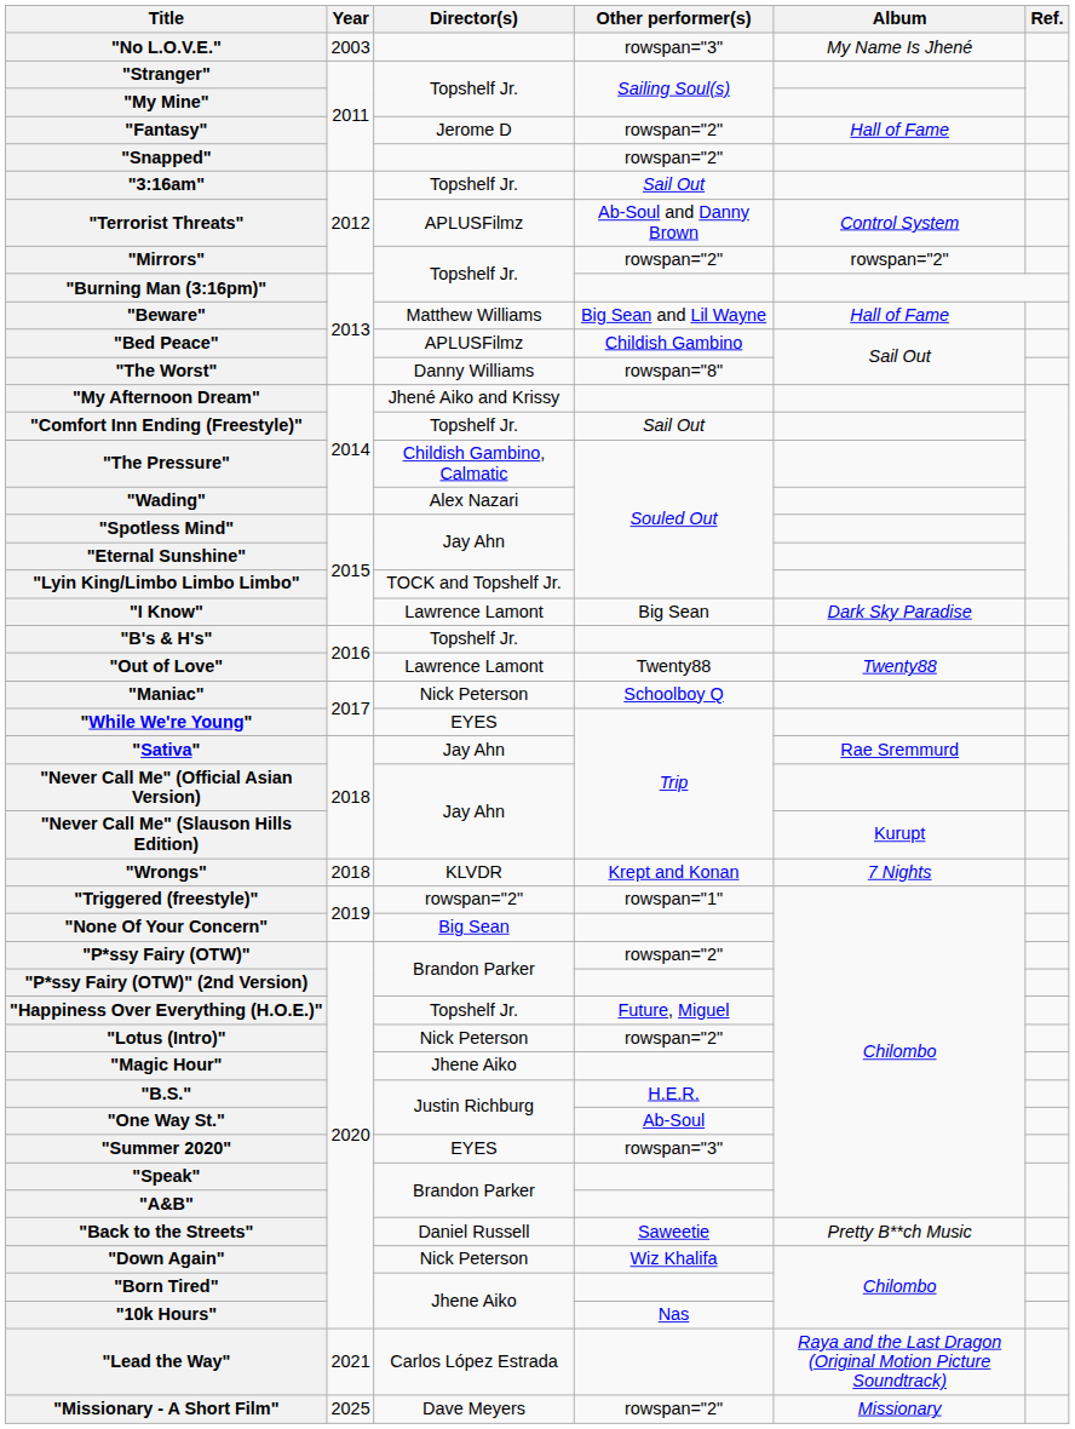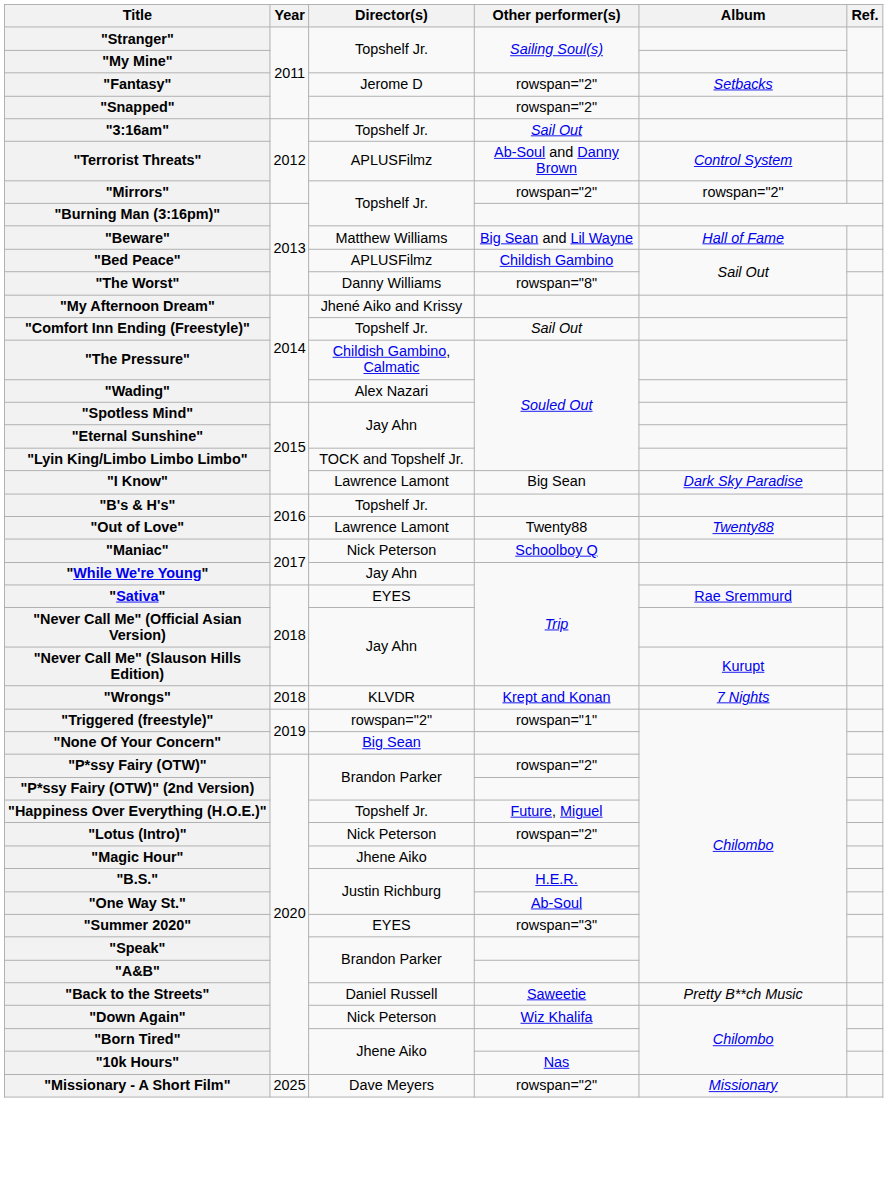 <table class="wikitable sortable plainrowheaders" style="text-align: center;">
 <tr>
 <th scope="col" style="width: 18em;">Title</th>
 <th scope="col" style="width: 2em;">Year</th>
 <th scope="col" style="width: 11em;">Director(s)</th>
 <th scope="col" style="width: 11em;">Other performer(s)</th>
 <th scope="col" style="width: 14em;">Album</th>
 <th scope="col" style="width: 2em;" class="unsortable">Ref.</th>
-</tr>
-<tr>
-<th scope="row">"No L.O.V.E."</th>
-<td>2003</td>
-<td></td>
-<td>rowspan="3" </td>
-<td><em>My Name Is Jhené</em></td>
-<td></td>
 </tr>
 <tr>
 <th scope="row">"Stranger"</th>
 <td rowspan="4">2011</td>
 <td rowspan="2">Topshelf Jr.</td>
 <td rowspan="2"><em><a href='#'>Sailing Soul(s)</a></em></td>
 <td></td>
 </tr>
 <tr>
 <th scope="row">"My Mine"</th>
 <td></td>
 </tr>
 <tr>
 <th scope="row">"Fantasy"</th>
 <td>Jerome D</td>
 <td>rowspan="2" </td>
-<td><em><a href='#'>Hall of Fame</a></em></td>
+<td><em><a href='#'>Setbacks</a></em></td>
 <td></td>
 </tr>
 <tr>
 <th scope="row">"Snapped"</th>
 <td></td>
 <td>rowspan="2" </td>
 <td></td>
 <td></td>
 </tr>
 <tr>
 <th scope="row">"3:16am"</th>
 <td rowspan="3">2012</td>
 <td>Topshelf Jr.</td>
 <td><em><a href='#'>Sail Out</a></em></td>
 <td></td>
 </tr>
 <tr>
 <th scope="row">"Terrorist Threats"</th>
 <td>APLUSFilmz</td>
 <td><a href='#'>Ab-Soul</a> and <a href='#'>Danny Brown</a></td>
 <td><em><a href='#'>Control System</a></em></td>
 <td></td>
 </tr>
 <tr>
 <th scope="row">"Mirrors"</th>
 <td rowspan="2">Topshelf Jr.</td>
 <td>rowspan="2" </td>
 <td>rowspan="2" </td>
 <td></td>
 </tr>
 <tr>
 <th scope="row">"Burning Man (3:16pm)"</th>
 <td rowspan="4">2013</td>
 <td></td>
 </tr>
 <tr>
 <th scope="row">"Beware"</th>
 <td>Matthew Williams</td>
 <td><a href='#'>Big Sean</a> and <a href='#'>Lil Wayne</a></td>
 <td><em><a href='#'>Hall of Fame</a></em></td>
 <td></td>
 </tr>
 <tr>
 <th scope="row">"Bed Peace"</th>
 <td>APLUSFilmz</td>
 <td><a href='#'>Childish Gambino</a></td>
 <td rowspan="2"><em>Sail Out</em></td>
 <td></td>
 </tr>
 <tr>
 <th scope="row">"The Worst"</th>
 <td>Danny Williams</td>
 <td>rowspan="8" </td>
 <td></td>
 </tr>
 <tr>
 <th scope="row">"My Afternoon Dream"</th>
 <td rowspan="4">2014</td>
 <td>Jhené Aiko and Krissy</td>
 <td></td>
 <td></td>
 </tr>
 <tr>
 <th scope="row">"Comfort Inn Ending (Freestyle)"</th>
 <td>Topshelf Jr.</td>
 <td><em>Sail Out</em></td>
 <td></td>
 </tr>
 <tr>
 <th scope="row">"The Pressure"</th>
 <td><a href='#'>Childish Gambino</a>, <a href='#'>Calmatic</a></td>
 <td rowspan="5"><em><a href='#'>Souled Out</a></em></td>
 <td></td>
 </tr>
 <tr>
 <th scope="row">"Wading"</th>
 <td>Alex Nazari</td>
 <td></td>
 </tr>
 <tr>
 <th scope="row">"Spotless Mind"</th>
 <td rowspan="4">2015</td>
 <td rowspan="2">Jay Ahn</td>
 <td></td>
 </tr>
 <tr>
 <th scope="row">"Eternal Sunshine"</th>
 <td></td>
 </tr>
 <tr>
 <th scope="row">"Lyin King/Limbo Limbo Limbo"</th>
 <td>TOCK and Topshelf Jr.</td>
 <td></td>
 </tr>
 <tr>
 <th scope="row">"I Know"</th>
 <td>Lawrence Lamont</td>
 <td>Big Sean</td>
 <td><em><a href='#'>Dark Sky Paradise</a></em></td>
 <td></td>
 </tr>
 <tr>
 <th scope="row">"B's & H's"</th>
 <td rowspan="2">2016</td>
 <td>Topshelf Jr.</td>
 <td></td>
 <td></td>
 <td></td>
 </tr>
 <tr>
 <th scope="row">"Out of Love"</th>
 <td>Lawrence Lamont</td>
 <td>Twenty88</td>
 <td><em><a href='#'>Twenty88</a></em></td>
 <td></td>
 </tr>
 <tr>
 <th scope="row">"Maniac"</th>
 <td rowspan="2">2017</td>
 <td>Nick Peterson</td>
 <td><a href='#'>Schoolboy Q</a></td>
 <td></td>
 <td></td>
 </tr>
 <tr>
 <th scope="row">"<a href='#'>While We're Young</a>"</th>
-<td>EYES</td>
+<td>Jay Ahn</td>
 <td rowspan="4"><em><a href='#'>Trip</a></em></td>
 <td></td>
 </tr>
 <tr>
 <th scope="row">"<a href='#'>Sativa</a>"</th>
 <td rowspan="3">2018</td>
-<td>Jay Ahn</td>
+<td>EYES</td>
 <td><a href='#'>Rae Sremmurd</a></td>
 <td></td>
 </tr>
 <tr>
 <th scope="row">"Never Call Me" (Official Asian Version)</th>
 <td rowspan="2">Jay Ahn</td>
 <td></td>
 <td></td>
 </tr>
 <tr>
 <th scope="row">"Never Call Me" (Slauson Hills Edition)</th>
 <td><a href='#'>Kurupt</a></td>
 <td></td>
 </tr>
 <tr>
 <th scope="row">"Wrongs"</th>
 <td rowspan="1">2018</td>
 <td rowspan="1">KLVDR</td>
 <td rowspan="1"><a href='#'>Krept and Konan</a></td>
 <td rowspan="1"><em><a href='#'>7 Nights</a></em></td>
 <td></td>
 </tr>
 <tr>
 <th scope="row">"Triggered (freestyle)"</th>
 <td rowspan="2">2019</td>
 <td>rowspan="2" </td>
 <td>rowspan="1" </td>
 <td rowspan="12"><em><a href='#'>Chilombo</a></em></td>
 <td></td>
 </tr>
 <tr>
 <th scope="row">"None Of Your Concern"</th>
 <td><a href='#'>Big Sean</a></td>
 <td></td>
 </tr>
 <tr>
 <th scope="row">"P*ssy Fairy (OTW)"</th>
 <td rowspan="14">2020</td>
 <td rowspan="2">Brandon Parker</td>
 <td>rowspan="2" </td>
 <td></td>
 </tr>
 <tr>
 <th scope="row">"P*ssy Fairy (OTW)" (2nd Version)</th>
 <td></td>
 </tr>
 <tr>
 <th scope="row">"Happiness Over Everything (H.O.E.)"</th>
 <td>Topshelf Jr.</td>
 <td><a href='#'>Future</a>, <a href='#'>Miguel</a></td>
 <td></td>
 </tr>
 <tr>
 <th scope="row">"Lotus (Intro)"</th>
 <td>Nick Peterson</td>
 <td>rowspan="2" </td>
 <td></td>
 </tr>
 <tr>
 <th scope="row">"Magic Hour"</th>
 <td>Jhene Aiko</td>
 <td></td>
 </tr>
 <tr>
 <th scope="row">"B.S."</th>
 <td rowspan="2">Justin Richburg</td>
 <td><a href='#'>H.E.R.</a></td>
 <td></td>
 </tr>
 <tr>
 <th scope="row">"One Way St."</th>
 <td><a href='#'>Ab-Soul</a></td>
 <td></td>
 </tr>
 <tr>
 <th scope="row">"Summer 2020"</th>
 <td>EYES</td>
 <td>rowspan="3" </td>
 <td></td>
 </tr>
 <tr>
 <th scope="row">"Speak"</th>
 <td rowspan="2">Brandon Parker</td>
 <td></td>
 </tr>
 <tr>
 <th scope="row">"A&B"</th>
 <td></td>
 </tr>
 <tr>
 <th scope="row">"Back to the Streets"</th>
 <td>Daniel Russell</td>
 <td><a href='#'>Saweetie</a></td>
 <td><em>Pretty B**ch Music</em></td>
 <td></td>
 </tr>
 <tr>
 <th scope="row">"Down Again"</th>
 <td>Nick Peterson</td>
 <td><a href='#'>Wiz Khalifa</a></td>
 <td rowspan="3"><em><a href='#'>Chilombo</a></em></td>
 <td></td>
 </tr>
 <tr>
 <th scope="row">"Born Tired"</th>
 <td rowspan="2">Jhene Aiko</td>
 <td></td>
 <td></td>
 </tr>
 <tr>
 <th scope="row">"10k Hours"</th>
 <td><a href='#'>Nas</a></td>
 <td></td>
 </tr>
 <tr>
-<th scope="row">"Lead the Way"</th>
-<td rowspan="1">2021</td>
-<td rowspan="1">Carlos López Estrada</td>
-<td></td>
-<td rowspan="1"><em><a href='#'> Raya and the Last Dragon (Original Motion Picture Soundtrack)</a></em></td>
-<td></td>
-</tr>
-<tr>
 <th scope="row">"Missionary - A Short Film"</th>
 <td>2025</td>
 <td>Dave Meyers</td>
 <td>rowspan="2" </td>
 <td><em><a href='#'>Missionary</a></em></td>
 </tr>
 </table>
